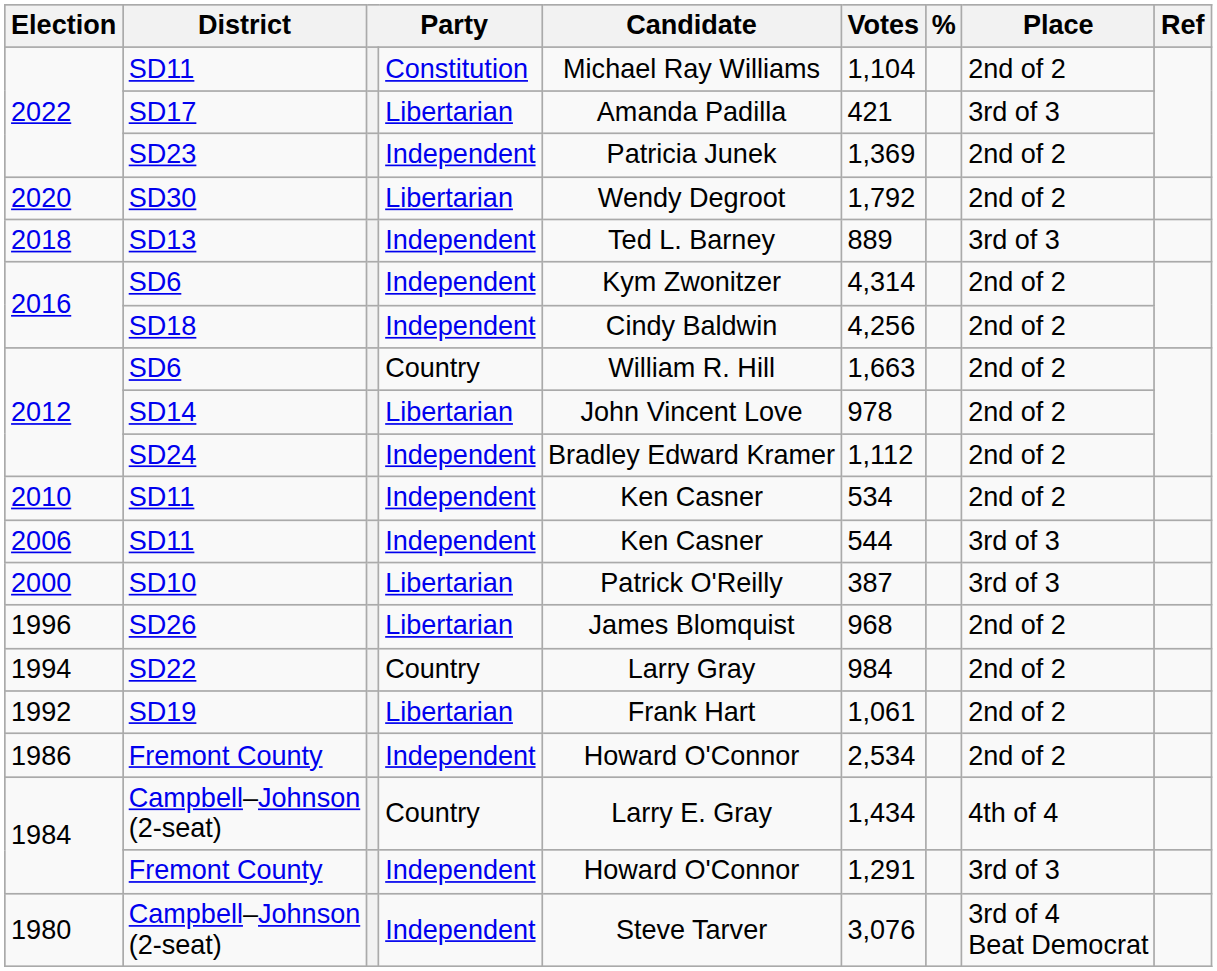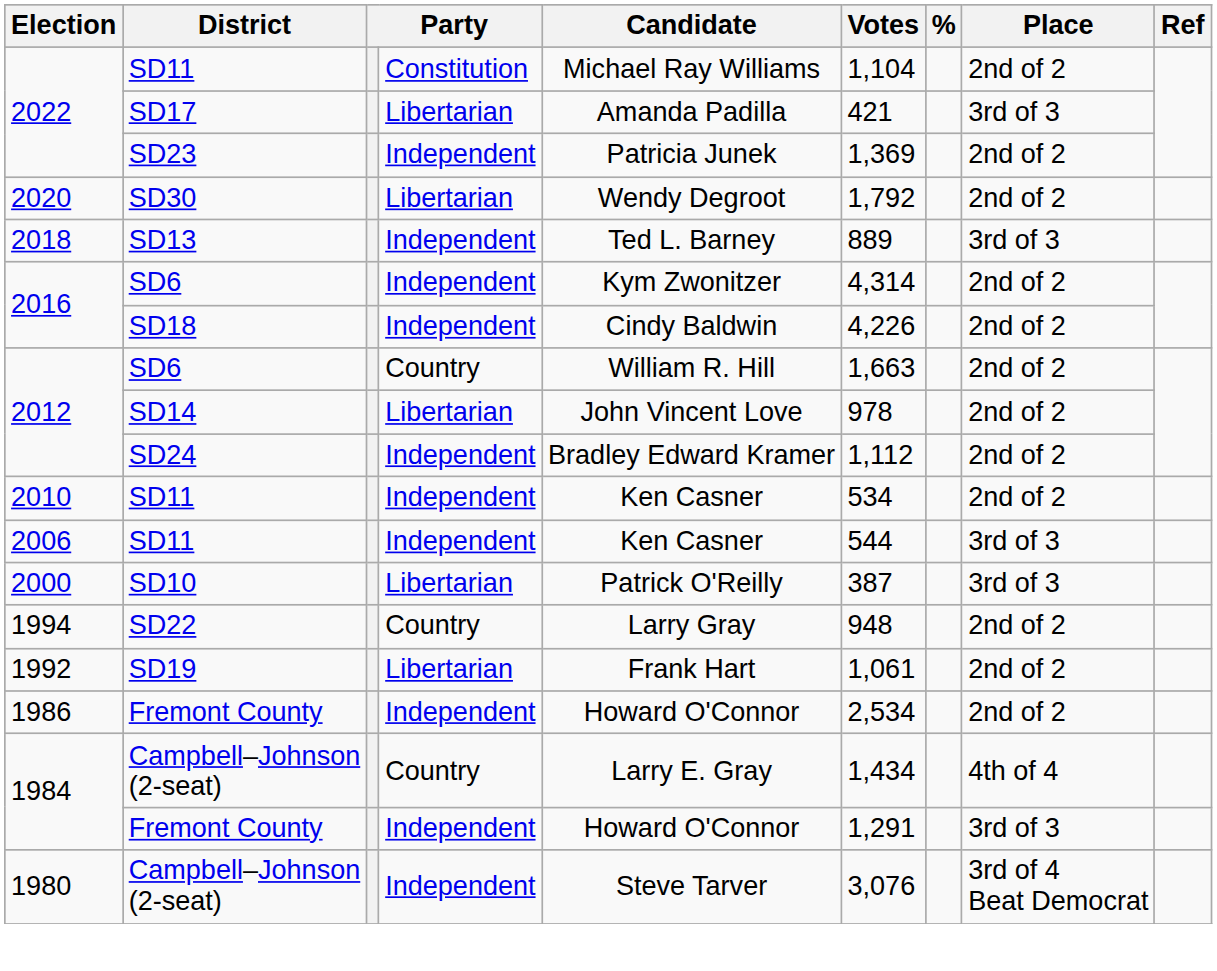 <table class="wikitable sortable">
 <tr>
 <th>Election</th>
 <th>District</th>
 <th colspan=2>Party</th>
 <th>Candidate</th>
 <th>Votes</th>
 <th>%</th>
 <th>Place</th>
 <th>Ref</th>
 </tr>
 <tr>
 <td rowspan=3><a href='#'>2022</a></td>
 <td><a href='#'>SD11</a></td>
 <th style="background-color:"></th>
 <td><a href='#'>Constitution</a></td>
 <td align="center">Michael Ray Williams</td>
 <td>1,104</td>
 <td></td>
 <td>2nd of 2</td>
 <td rowspan=3></td>
 </tr>
 <tr>
 <td><a href='#'>SD17</a></td>
 <th style="background-color:"></th>
 <td><a href='#'>Libertarian</a></td>
 <td align="center">Amanda Padilla</td>
 <td>421</td>
 <td></td>
 <td>3rd of 3</td>
 </tr>
 <tr>
 <td><a href='#'>SD23</a></td>
 <th style="background-color:"></th>
 <td><a href='#'>Independent</a></td>
 <td align="center">Patricia Junek</td>
 <td>1,369</td>
 <td></td>
 <td>2nd of 2</td>
 </tr>
 <tr>
 <td rowspan=1><a href='#'>2020</a></td>
 <td><a href='#'>SD30</a></td>
 <th style="background-color:"></th>
 <td><a href='#'>Libertarian</a></td>
 <td align="center">Wendy Degroot</td>
 <td>1,792</td>
 <td></td>
 <td>2nd of 2</td>
 <td rowspan=1></td>
 </tr>
 <tr>
 <td rowspan=1><a href='#'>2018</a></td>
 <td><a href='#'>SD13</a></td>
 <th style="background-color:"></th>
 <td><a href='#'>Independent</a></td>
 <td align="center">Ted L. Barney</td>
 <td>889</td>
 <td></td>
 <td>3rd of 3</td>
 <td rowspan=1></td>
 </tr>
 <tr>
 <td rowspan=2><a href='#'>2016</a></td>
 <td><a href='#'>SD6</a></td>
 <th style="background-color:"></th>
 <td><a href='#'>Independent</a></td>
 <td align="center">Kym Zwonitzer</td>
 <td>4,314</td>
 <td></td>
 <td>2nd of 2</td>
 <td rowspan=2></td>
 </tr>
 <tr>
 <td><a href='#'>SD18</a></td>
 <th style="background-color:"></th>
 <td><a href='#'>Independent</a></td>
 <td align="center">Cindy Baldwin</td>
-<td>4,256</td>
+<td>4,226</td>
 <td></td>
 <td>2nd of 2</td>
 </tr>
 <tr>
 <td rowspan=3><a href='#'>2012</a></td>
 <td><a href='#'>SD6</a></td>
 <th style="background-color:"></th>
 <td>Country</td>
 <td align="center">William R. Hill</td>
 <td>1,663</td>
 <td></td>
 <td>2nd of 2</td>
 <td rowspan=3></td>
 </tr>
 <tr>
 <td><a href='#'>SD14</a></td>
 <th style="background-color:"></th>
 <td><a href='#'>Libertarian</a></td>
 <td align="center">John Vincent Love</td>
 <td>978</td>
 <td></td>
 <td>2nd of 2</td>
 </tr>
 <tr>
 <td><a href='#'>SD24</a></td>
 <th style="background-color:"></th>
 <td><a href='#'>Independent</a></td>
 <td align="center">Bradley Edward Kramer</td>
 <td>1,112</td>
 <td></td>
 <td>2nd of 2</td>
 </tr>
 <tr>
 <td rowspan=1><a href='#'>2010</a></td>
 <td><a href='#'>SD11</a></td>
 <th style="background-color:"></th>
 <td><a href='#'>Independent</a></td>
 <td align="center">Ken Casner</td>
 <td>534</td>
 <td></td>
 <td>2nd of 2</td>
 <td rowspan=1></td>
 </tr>
 <tr>
 <td rowspan=1><a href='#'>2006</a></td>
 <td><a href='#'>SD11</a></td>
 <th style="background-color:"></th>
 <td><a href='#'>Independent</a></td>
 <td align="center">Ken Casner</td>
 <td>544</td>
 <td></td>
 <td>3rd of 3</td>
 <td rowspan=1></td>
 </tr>
 <tr>
 <td rowspan=1><a href='#'>2000</a></td>
 <td><a href='#'>SD10</a></td>
 <th style="background-color:"></th>
 <td><a href='#'>Libertarian</a></td>
 <td align="center">Patrick O'Reilly</td>
 <td>387</td>
 <td></td>
 <td>3rd of 3</td>
 <td rowspan=1></td>
 </tr>
 <tr>
-<td rowspan=1>1996</td>
-<td><a href='#'>SD26</a></td>
-<th style="background-color:"></th>
-<td><a href='#'>Libertarian</a></td>
-<td align="center">James Blomquist</td>
-<td>968</td>
-<td></td>
-<td>2nd of 2</td>
-<td rowspan=1></td>
-</tr>
-<tr>
 <td>1994</td>
 <td><a href='#'>SD22</a></td>
 <th style="background-color:"></th>
 <td>Country</td>
 <td align="center">Larry Gray</td>
-<td>984</td>
+<td>948</td>
 <td></td>
 <td>2nd of 2</td>
 <td></td>
 </tr>
 <tr>
 <td>1992</td>
 <td><a href='#'>SD19</a></td>
 <th style="background-color:"></th>
 <td><a href='#'>Libertarian</a></td>
 <td align="center">Frank Hart</td>
 <td>1,061</td>
 <td></td>
 <td>2nd of 2</td>
 <td></td>
 </tr>
 <tr>
 <td>1986</td>
 <td><a href='#'>Fremont County</a></td>
 <th style="background-color:"></th>
 <td><a href='#'>Independent</a></td>
 <td align="center">Howard O'Connor</td>
 <td>2,534</td>
 <td></td>
 <td>2nd of 2</td>
 <td></td>
 </tr>
 <tr>
 <td rowspan=2>1984</td>
 <td><a href='#'>Campbell</a>–<a href='#'>Johnson</a><br>(2-seat)</td>
 <th style="background-color:"></th>
 <td>Country</td>
 <td align="center">Larry E. Gray</td>
 <td>1,434</td>
 <td></td>
 <td>4th of 4</td>
 <td></td>
 </tr>
 <tr>
 <td><a href='#'>Fremont County</a></td>
 <th style="background-color:"></th>
 <td><a href='#'>Independent</a></td>
 <td align="center">Howard O'Connor</td>
 <td>1,291</td>
 <td></td>
 <td>3rd of 3</td>
 <td></td>
 </tr>
 <tr>
 <td>1980</td>
 <td><a href='#'>Campbell</a>–<a href='#'>Johnson</a><br>(2-seat)</td>
 <th style="background-color:"></th>
 <td><a href='#'>Independent</a></td>
 <td align="center">Steve Tarver</td>
 <td>3,076</td>
 <td></td>
 <td>3rd of 4<br>Beat Democrat</td>
 <td></td>
 </tr>
 <tr>
 </tr>
 </table>
